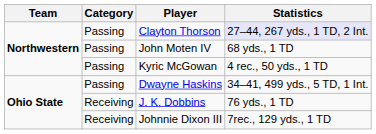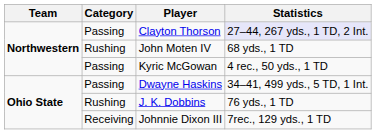 <table class="wikitable">
 <tr>
 <th>Team</th>
 <th>Category</th>
 <th>Player</th>
 <th>Statistics</th>
 </tr>
 <tr>
 <td rowspan=3><strong>Northwestern</strong></td>
 <td>Passing</td>
 <td><a href='#'>Clayton Thorson</a></td>
 <td style="background: lavender;">27–44, 267 yds., 1 TD, 2 Int.</td>
 </tr>
 <tr>
-<td>Passing</td>
+<td>Rushing</td>
 <td>John Moten IV</td>
 <td>68 yds., 1 TD</td>
 </tr>
 <tr>
 <td>Passing</td>
 <td>Kyric McGowan</td>
 <td>4 rec., 50 yds., 1 TD</td>
 </tr>
 <tr>
 <td rowspan=3><strong>Ohio State</strong></td>
 <td>Passing</td>
 <td><a href='#'>Dwayne Haskins</a></td>
 <td>34–41, 499 yds., 5 TD, 1 Int.</td>
 </tr>
 <tr>
-<td>Receiving</td>
+<td>Rushing</td>
 <td><a href='#'>J. K. Dobbins</a></td>
 <td>76 yds., 1 TD</td>
 </tr>
 <tr>
 <td>Receiving</td>
 <td>Johnnie Dixon III</td>
 <td>7rec., 129 yds., 1 TD</td>
 </tr>
 </table>
